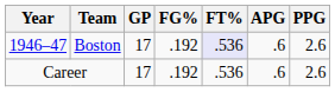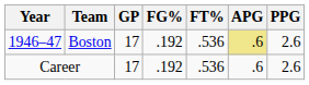 <table class="wikitable sortable" style="font-size:95%; text-align:right;">
 <tr>
 <th>Year</th>
 <th>Team</th>
 <th>GP</th>
 <th>FG%</th>
 <th>FT%</th>
 <th>APG</th>
 <th>PPG</th>
 </tr>
 <tr>
 <td style="text-align:left;"><a href='#'>1946–47</a></td>
 <td style="text-align:left;"><a href='#'>Boston</a></td>
 <td>17</td>
 <td>.192</td>
-<td style="background: lavender;">.536</td>
-<td>.6</td>
+<td>.536</td>
+<td style="background: khaki;">.6</td>
 <td>2.6</td>
 </tr>
 <tr>
 <td style="text-align:center;" colspan="2">Career</td>
 <td>17</td>
 <td>.192</td>
 <td>.536</td>
 <td>.6</td>
 <td>2.6</td>
 </tr>
 </table>
